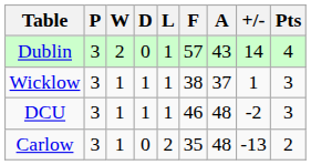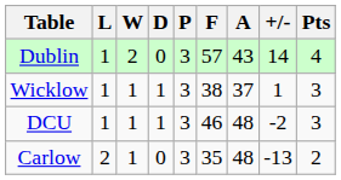 <table class="wikitable">
 <tr>
 <th>Table</th>
-<th>P</th>
+<th>L</th>
 <th>W</th>
 <th>D</th>
-<th>L</th>
+<th>P</th>
 <th>F</th>
 <th>A</th>
 <th>+/-</th>
 <th>Pts</th>
 </tr>
 <tr style="text-align:Center; background:#cfc;">
 <td><a href='#'>Dublin</a></td>
-<td>3</td>
+<td>1</td>
 <td>2</td>
 <td>0</td>
-<td>1</td>
+<td>3</td>
 <td>57</td>
 <td>43</td>
 <td>14</td>
 <td>4</td>
 </tr>
 <tr style="text-align:Center;">
 <td><a href='#'>Wicklow</a></td>
-<td>3</td>
 <td>1</td>
 <td>1</td>
 <td>1</td>
+<td>3</td>
 <td>38</td>
 <td>37</td>
 <td>1</td>
 <td>3</td>
 </tr>
 <tr style="text-align:Center;">
 <td><a href='#'>DCU</a></td>
-<td>3</td>
 <td>1</td>
 <td>1</td>
 <td>1</td>
+<td>3</td>
 <td>46</td>
 <td>48</td>
 <td>-2</td>
 <td>3</td>
 </tr>
 <tr style="text-align:Center;">
 <td><a href='#'>Carlow</a></td>
-<td>3</td>
+<td>2</td>
 <td>1</td>
 <td>0</td>
-<td>2</td>
+<td>3</td>
 <td>35</td>
 <td>48</td>
 <td>-13</td>
 <td>2</td>
 </tr>
 </table>
